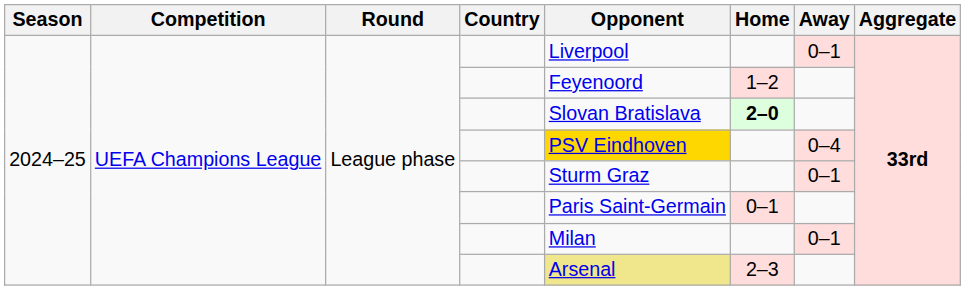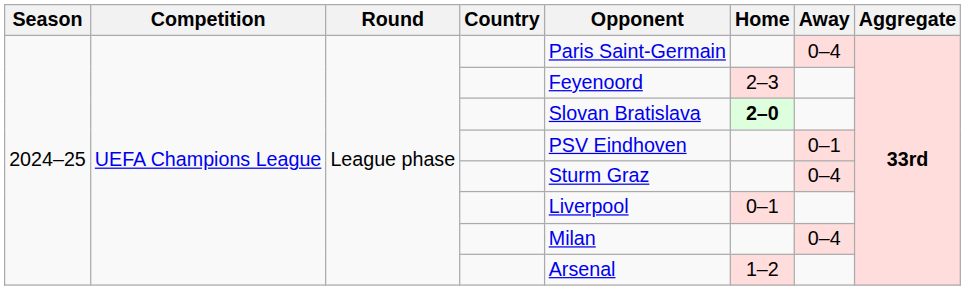 <table class="wikitable">
 <tr>
 <th>Season</th>
 <th>Competition</th>
 <th>Round</th>
 <th>Country</th>
 <th>Opponent</th>
 <th>Home</th>
 <th>Away</th>
 <th>Aggregate</th>
 </tr>
 <tr>
 <td rowspan=8>2024–25</td>
 <td rowspan=8><a href='#'>UEFA Champions League</a></td>
 <td rowspan=8>League phase</td>
 <td></td>
-<td><a href='#'>Liverpool</a></td>
+<td><a href='#'>Paris Saint-Germain</a></td>
 <td></td>
-<td bgcolor="#fdd" style="text-align:center;">0–1</td>
+<td bgcolor="#fdd" style="text-align:center;">0–4</td>
 <td rowspan=8 bgcolor="#fdd" style="text-align:center;"><strong>33rd</strong></td>
 </tr>
 <tr>
 <td></td>
 <td><a href='#'>Feyenoord</a></td>
-<td bgcolor="#fdd" style="text-align:center;">1–2</td>
+<td bgcolor="#fdd" style="text-align:center;">2–3</td>
 <td></td>
 </tr>
 <tr>
 <td></td>
 <td><a href='#'>Slovan Bratislava</a></td>
 <td bgcolor="#ddffdd" style="text-align:center;"><strong>2–0</strong></td>
 <td></td>
 </tr>
 <tr>
 <td></td>
-<td style="background: gold;"><a href='#'>PSV Eindhoven</a></td>
+<td><a href='#'>PSV Eindhoven</a></td>
+<td></td>
+<td bgcolor="#fdd" style="text-align:center;">0–1</td>
+</tr>
+<tr>
+<td></td>
+<td><a href='#'>Sturm Graz</a></td>
 <td></td>
 <td bgcolor="#fdd" style="text-align:center;">0–4</td>
 </tr>
 <tr>
 <td></td>
-<td><a href='#'>Sturm Graz</a></td>
-<td></td>
-<td bgcolor="#fdd" style="text-align:center;">0–1</td>
-</tr>
-<tr>
-<td></td>
-<td><a href='#'>Paris Saint-Germain</a></td>
+<td><a href='#'>Liverpool</a></td>
 <td bgcolor="#fdd" style="text-align:center;">0–1</td>
 <td></td>
 </tr>
 <tr>
 <td></td>
 <td><a href='#'>Milan</a></td>
 <td></td>
-<td bgcolor="#fdd" style="text-align:center;">0–1</td>
+<td bgcolor="#fdd" style="text-align:center;">0–4</td>
 </tr>
 <tr>
 <td></td>
-<td style="background: khaki;"><a href='#'>Arsenal</a></td>
-<td bgcolor="#fdd" style="text-align:center;">2–3</td>
+<td><a href='#'>Arsenal</a></td>
+<td bgcolor="#fdd" style="text-align:center;">1–2</td>
 <td></td>
 </tr>
 </table>
